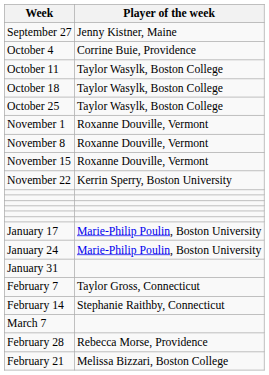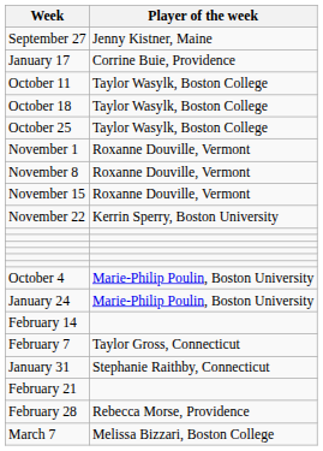 <table class="wikitable">
 <tr>
 <th>Week</th>
 <th>Player of the week</th>
 </tr>
 <tr>
 <td>September 27</td>
 <td>Jenny Kistner, Maine</td>
 </tr>
 <tr>
-<td>October 4</td>
+<td>January 17</td>
 <td>Corrine Buie, Providence</td>
 </tr>
 <tr>
 <td>October 11</td>
 <td>Taylor Wasylk, Boston College</td>
 </tr>
 <tr>
 <td>October 18</td>
 <td>Taylor Wasylk, Boston College</td>
 </tr>
 <tr>
 <td>October 25</td>
 <td>Taylor Wasylk, Boston College</td>
 </tr>
 <tr>
 <td>November 1</td>
 <td>Roxanne Douville, Vermont</td>
 </tr>
 <tr>
 <td>November 8</td>
 <td>Roxanne Douville, Vermont</td>
 </tr>
 <tr>
 <td>November 15</td>
 <td>Roxanne Douville, Vermont</td>
 </tr>
 <tr>
 <td>November 22</td>
 <td>Kerrin Sperry, Boston University</td>
 </tr>
 <tr>
 <td></td>
 <td></td>
 </tr>
 <tr>
 <td></td>
 <td></td>
 </tr>
 <tr>
 <td></td>
 <td></td>
 </tr>
 <tr>
 <td></td>
 <td></td>
 </tr>
 <tr>
 <td></td>
 <td></td>
 </tr>
 <tr>
 <td></td>
 <td></td>
 </tr>
 <tr>
-<td>January 17</td>
+<td>October 4</td>
 <td><a href='#'>Marie-Philip Poulin</a>, Boston University</td>
 </tr>
 <tr>
 <td>January 24</td>
 <td><a href='#'>Marie-Philip Poulin</a>, Boston University</td>
 </tr>
 <tr>
-<td>January 31</td>
+<td>February 14</td>
 <td></td>
 </tr>
 <tr>
 <td>February 7</td>
 <td>Taylor Gross, Connecticut</td>
 </tr>
 <tr>
-<td>February 14</td>
+<td>January 31</td>
 <td>Stephanie Raithby, Connecticut</td>
 </tr>
 <tr>
-<td>March 7</td>
+<td>February 21</td>
 <td></td>
 </tr>
 <tr>
 <td>February 28</td>
 <td>Rebecca Morse, Providence</td>
 </tr>
 <tr>
-<td>February 21</td>
+<td>March 7</td>
 <td>Melissa Bizzari, Boston College</td>
 </tr>
 </table>
